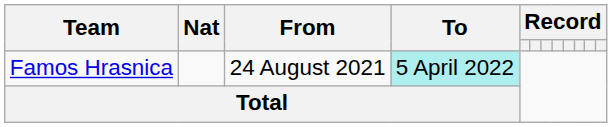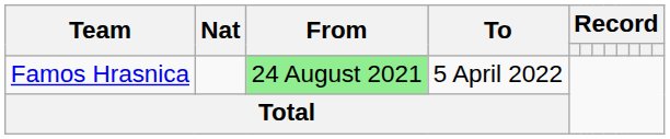 <table class="wikitable" style="text-align:center">
 <tr>
 <th rowspan="2">Team</th>
 <th rowspan="2">Nat</th>
 <th rowspan="2">From</th>
 <th rowspan="2">To</th>
 <th colspan="8">Record</th>
 </tr>
 <tr>
 <th></th>
 <th></th>
 <th></th>
 <th></th>
 <th></th>
 <th></th>
 <th></th>
 <th></th>
 </tr>
 <tr>
 <td><a href='#'>Famos Hrasnica</a></td>
 <td></td>
-<td align=left>24 August 2021</td>
-<td align=left style="background: paleturquoise;">5 April 2022<br></td>
+<td align=left style="background: lightgreen;">24 August 2021</td>
+<td align=left>5 April 2022<br></td>
 </tr>
 <tr>
 <th colspan=4>Total<br></th>
 </tr>
 </table>
